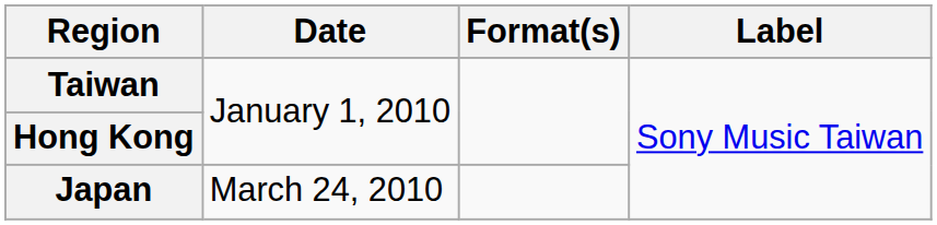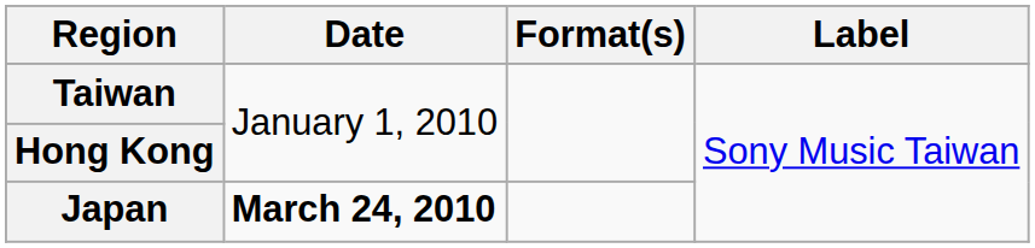 <table class="wikitable plainrowheaders">
 <tr>
 <th>Region</th>
 <th>Date</th>
 <th>Format(s)</th>
 <th>Label</th>
 </tr>
 <tr>
 <th scope="row">Taiwan</th>
 <td rowspan="2">January 1, 2010</td>
 <td rowspan="2"></td>
 <td rowspan="3"><a href='#'>Sony Music Taiwan</a></td>
 </tr>
 <tr>
 <th scope="row">Hong Kong</th>
 </tr>
 <tr>
 <th scope="row">Japan</th>
-<td>March 24, 2010</td>
+<td><strong>March 24, 2010</strong></td>
 <td></td>
 </tr>
 </table>
